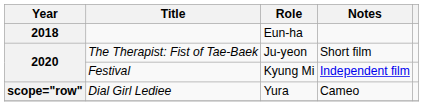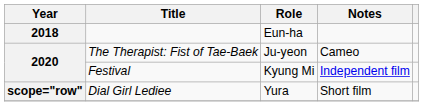 <table class="wikitable sortable plainrowheaders">
 <tr>
 <th scope="col">Year</th>
 <th>Title</th>
 <th>Role</th>
 <th>Notes</th>
 <th scope="col" class="unsortable"></th>
 </tr>
 <tr>
 <th scope="row">2018</th>
 <td><em></em></td>
 <td>Eun-ha</td>
 <td></td>
 <td style="text-align:center"></td>
 </tr>
 <tr>
 <th scope="row" rowspan="2">2020</th>
 <td><em>The Therapist: Fist of Tae-Baek</em></td>
 <td>Ju-yeon</td>
-<td>Short film</td>
+<td>Cameo</td>
 <td style="text-align:center"></td>
 </tr>
 <tr>
 <td><em>Festival</em></td>
 <td>Kyung Mi</td>
 <td><a href='#'>Independent film</a></td>
 <td style="text-align:center"></td>
 </tr>
 <tr>
 <th>scope="row" </th>
 <td><em>Dial Girl Lediee</em></td>
 <td>Yura</td>
-<td>Cameo</td>
+<td>Short film</td>
 <td style="text-align:center"></td>
 </tr>
 <tr>
 </tr>
 </table>
